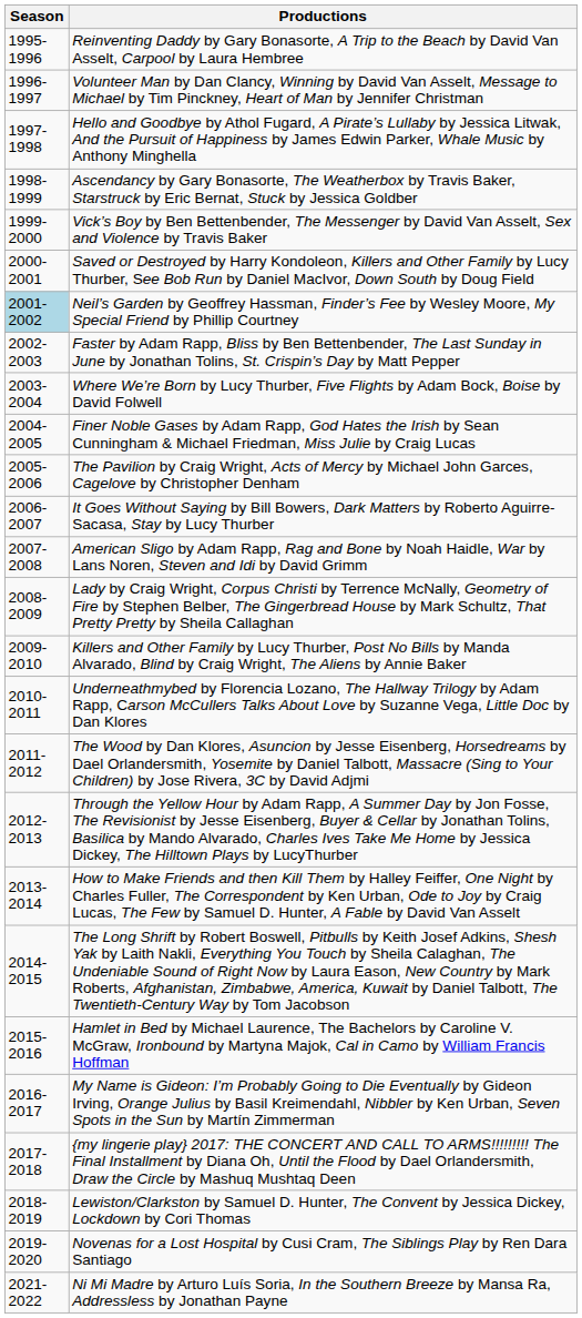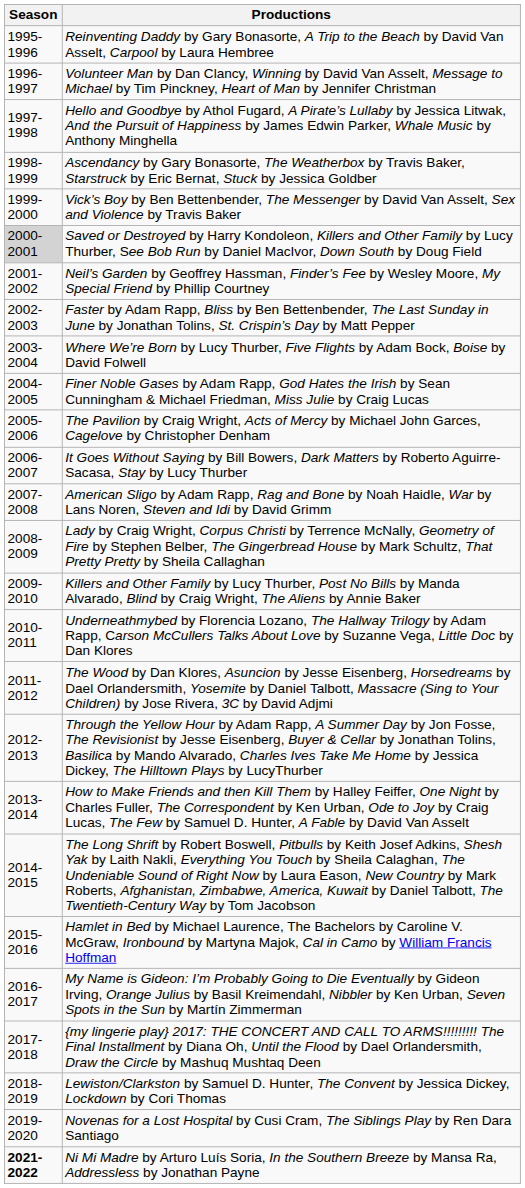 <table class="wikitable">
 <tr>
 <th>Season</th>
 <th>Productions</th>
 </tr>
 <tr>
 <td>1995-1996</td>
 <td><em>Reinventing Daddy</em> by Gary Bonasorte, <em>A Trip to the Beach</em> by David Van Asselt, <em>Carpool</em> by Laura Hembree</td>
 </tr>
 <tr>
 <td>1996-1997</td>
 <td><em>Volunteer Man</em> by Dan Clancy, <em>Winning</em> by David Van Asselt, <em>Message to Michael</em> by Tim Pinckney, <em>Heart of Man</em> by Jennifer Christman</td>
 </tr>
 <tr>
 <td>1997-1998</td>
 <td><em>Hello and Goodbye</em> by Athol Fugard, <em>A Pirate’s Lullaby</em> by Jessica Litwak, <em>And the Pursuit of Happiness</em> by James Edwin Parker, <em>Whale Music</em> by Anthony Minghella</td>
 </tr>
 <tr>
 <td>1998-1999</td>
 <td><em>Ascendancy</em> by Gary Bonasorte, <em>The Weatherbox</em> by Travis Baker, <em>Starstruck</em> by Eric Bernat, <em>Stuck</em> by Jessica Goldber</td>
 </tr>
 <tr>
 <td>1999-2000</td>
 <td><em>Vick’s Boy</em> by Ben Bettenbender, <em>The Messenger</em> by David Van Asselt, <em>Sex and Violence</em> by Travis Baker</td>
 </tr>
 <tr>
-<td>2000-2001</td>
+<td style="background: lightgrey;">2000-2001</td>
 <td><em>Saved or Destroyed</em> by Harry Kondoleon, <em>Killers and Other Family</em> by Lucy Thurber, S<em>ee Bob Run</em> by Daniel MacIvor, <em>Down South</em> by Doug Field</td>
 </tr>
 <tr>
-<td style="background: lightblue;">2001-2002</td>
+<td>2001-2002</td>
 <td><em>Neil’s Garden</em> by Geoffrey Hassman, <em>Finder’s Fee</em> by Wesley Moore, <em>My Special Friend</em> by Phillip Courtney</td>
 </tr>
 <tr>
 <td>2002-2003</td>
 <td><em>Faster</em> by Adam Rapp, <em>Bliss</em> by Ben Bettenbender, <em>The Last Sunday in June</em> by Jonathan Tolins, <em>St. Crispin’s Day</em> by Matt Pepper</td>
 </tr>
 <tr>
 <td>2003-2004</td>
 <td><em>Where We’re Born</em> by Lucy Thurber, <em>Five Flights</em> by Adam Bock, <em>Boise</em> by David Folwell</td>
 </tr>
 <tr>
 <td>2004-2005</td>
 <td><em>Finer Noble Gases</em> by Adam Rapp, <em>God Hates the Irish</em> by Sean Cunningham & Michael Friedman, <em>Miss Julie</em> by Craig Lucas</td>
 </tr>
 <tr>
 <td>2005-2006</td>
 <td><em>The Pavilion</em> by Craig Wright, <em>Acts of Mercy</em> by Michael John Garces, <em>Cagelove</em> by Christopher Denham</td>
 </tr>
 <tr>
 <td>2006-2007</td>
 <td><em>It Goes Without Saying</em> by Bill Bowers, <em>Dark Matters</em> by Roberto Aguirre-Sacasa, <em>Stay</em> by Lucy Thurber</td>
 </tr>
 <tr>
 <td>2007-2008</td>
 <td><em>American Sligo</em> by Adam Rapp, <em>Rag and Bone</em> by Noah Haidle, <em>War</em> by Lans Noren, <em>Steven and Idi</em> by David Grimm</td>
 </tr>
 <tr>
 <td>2008-2009</td>
 <td><em>Lady</em> by Craig Wright, <em>Corpus Christi</em> by Terrence McNally, <em>Geometry of Fire</em> by Stephen Belber, <em>The Gingerbread House</em> by Mark Schultz, <em>That Pretty Pretty</em> by Sheila Callaghan</td>
 </tr>
 <tr>
 <td>2009-2010</td>
 <td><em>Killers and Other Family</em> by Lucy Thurber, <em>Post No Bills</em> by Manda Alvarado, <em>Blind</em> by Craig Wright, <em>The Aliens</em> by Annie Baker</td>
 </tr>
 <tr>
 <td>2010-2011</td>
 <td><em>Underneathmybed</em> by Florencia Lozano, <em>The Hallway Trilogy</em> by Adam Rapp, C<em>arson McCullers Talks About Love</em> by Suzanne Vega, <em>Little Doc</em> by Dan Klores</td>
 </tr>
 <tr>
 <td>2011-2012</td>
 <td><em>The Wood</em> by Dan Klores, <em>Asuncion</em> by Jesse Eisenberg, <em>Horsedreams</em> by Dael Orlandersmith, <em>Yosemite</em> by Daniel Talbott, <em>Massacre (Sing to Your Children)</em> by Jose Rivera, <em>3C</em> by David Adjmi</td>
 </tr>
 <tr>
 <td>2012-2013</td>
 <td><em>Through the Yellow Hour</em> by Adam Rapp, <em>A Summer Day</em> by Jon Fosse, <em>The Revisionist</em> by Jesse Eisenberg, <em>Buyer & Cellar</em> by Jonathan Tolins, <em>Basilica</em> by Mando Alvarado, <em>Charles Ives Take Me Home</em> by Jessica Dickey, <em>The Hilltown Plays</em> by LucyThurber</td>
 </tr>
 <tr>
 <td>2013-2014</td>
 <td><em>How to Make Friends and then Kill Them</em> by Halley Feiffer, <em>One Night</em> by Charles Fuller, <em>The Correspondent</em> by Ken Urban, <em>Ode to Joy</em> by Craig Lucas, <em>The Few</em> by Samuel D. Hunter, <em>A Fable</em> by David Van Asselt</td>
 </tr>
 <tr>
 <td>2014-2015</td>
 <td><em>The Long Shrift</em> by Robert Boswell, <em>Pitbulls</em> by Keith Josef Adkins, <em>Shesh Yak</em> by Laith Nakli, <em>Everything You Touch</em> by Sheila Calaghan, <em>The Undeniable Sound of Right Now</em> by Laura Eason, <em>New Country</em> by Mark Roberts, <em>Afghanistan, Zimbabwe, America, Kuwait</em> by Daniel Talbott, <em>The Twentieth-Century Way</em> by Tom Jacobson</td>
 </tr>
 <tr>
 <td>2015-2016</td>
 <td><em>Hamlet in Bed</em> by Michael Laurence, The Bachelors by Caroline V. McGraw, <em>Ironbound</em> by Martyna Majok, <em>Cal in Camo</em> by <a href='#'>William Francis Hoffman</a></td>
 </tr>
 <tr>
 <td>2016-2017</td>
 <td><em>My Name is Gideon: I’m Probably Going to Die Eventually</em> by Gideon Irving, <em>Orange Julius</em> by Basil Kreimendahl, <em>Nibbler</em> by Ken Urban, <em>Seven Spots in the Sun</em> by Martín Zimmerman</td>
 </tr>
 <tr>
 <td>2017-2018</td>
 <td><em>{my lingerie play} 2017: THE CONCERT AND CALL TO ARMS!!!!!!!!! The Final Installment</em> by Diana Oh, <em>Until the Flood</em> by Dael Orlandersmith, <em>Draw the Circle</em> by Mashuq Mushtaq Deen</td>
 </tr>
 <tr>
 <td>2018-2019</td>
 <td><em>Lewiston/Clarkston</em> by Samuel D. Hunter, <em>The Convent</em> by Jessica Dickey, <em>Lockdown</em> by Cori Thomas</td>
 </tr>
 <tr>
 <td>2019-2020</td>
 <td><em>Novenas for a Lost Hospital</em> by Cusi Cram, <em>The Siblings Play</em> by Ren Dara Santiago</td>
 </tr>
 <tr>
-<td>2021-2022</td>
+<td><strong>2021-2022</strong></td>
 <td><em>Ni Mi Madre</em> by Arturo Luís Soria, <em>In the Southern Breeze</em> by Mansa Ra, <em>Addressless</em> by Jonathan Payne</td>
 </tr>
 </table>
